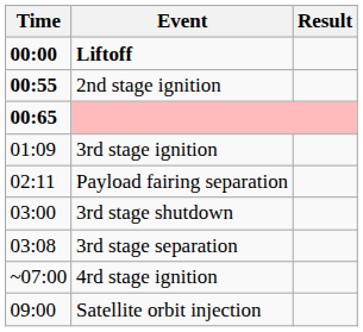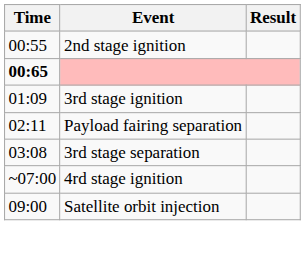 <table class="wikitable collapsible">
 <tr>
 <th>Time</th>
 <th>Event</th>
 <th>Result</th>
 </tr>
 <tr>
-<td><strong>00:00</strong></td>
-<td><strong>Liftoff</strong></td>
-<td></td>
-</tr>
-<tr>
-<td><strong>00:55</strong></td>
+<td>00:55</td>
 <td>2nd stage ignition</td>
 <td></td>
 </tr>
 <tr>
 <td><strong>00:65</strong></td>
 <td colspan="2" style="background: #ffbbbb;"></td>
 </tr>
 <tr>
 <td>01:09</td>
 <td>3rd stage ignition</td>
 <td></td>
 </tr>
 <tr>
 <td>02:11</td>
 <td>Payload fairing separation</td>
 <td></td>
 </tr>
 <tr>
-<td>03:00</td>
-<td>3rd stage shutdown</td>
-<td></td>
-</tr>
-<tr>
 <td>03:08</td>
 <td>3rd stage separation</td>
 <td></td>
 </tr>
 <tr>
 <td>~07:00</td>
 <td>4rd stage ignition</td>
 <td></td>
 </tr>
 <tr>
 <td>09:00</td>
 <td>Satellite orbit injection</td>
 <td></td>
 </tr>
 </table>
